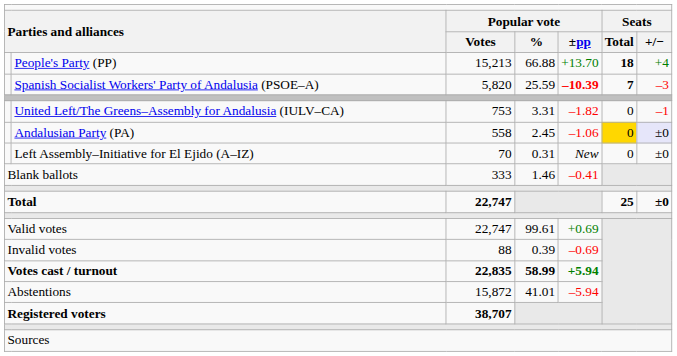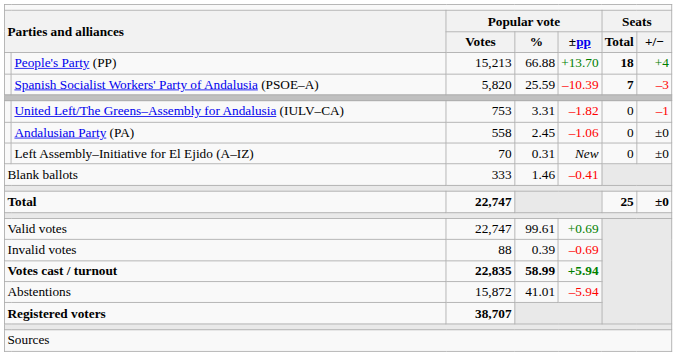 <table class="wikitable" style="text-align:right;">
 <tr>
 <td colspan="7"></td>
 </tr>
 <tr>
 <th style="text-align:left;" rowspan="2" colspan="2" width="525">Parties and alliances</th>
 <th colspan="3">Popular vote</th>
 <th colspan="2">Seats</th>
 </tr>
 <tr>
 <th width="75">Votes</th>
 <th width="45">%</th>
 <th width="45">±<a href='#'>pp</a></th>
 <th width="35">Total</th>
 <th width="35">+/−</th>
 </tr>
 <tr>
 <td width="1" style="color:inherit;background:"></td>
 <td align="left"><a href='#'>People's Party</a> (PP)</td>
 <td>15,213</td>
 <td>66.88</td>
 <td style="color:green;">+13.70</td>
 <td><strong>18</strong></td>
 <td style="color:green;">+4</td>
 </tr>
 <tr>
 <td style="color:inherit;background:"></td>
 <td align="left"><a href='#'>Spanish Socialist Workers' Party of Andalusia</a> (PSOE–A)</td>
 <td>5,820</td>
 <td>25.59</td>
-<td style="color:red;"><strong>–10.39</strong></td>
+<td style="color:red;">–10.39</td>
 <td><strong>7</strong></td>
 <td style="color:red;">–3</td>
 </tr>
 <tr>
 <td colspan="7" bgcolor="#C0C0C0"></td>
 </tr>
 <tr>
 <td style="color:inherit;background:"></td>
 <td align="left"><a href='#'>United Left/The Greens–Assembly for Andalusia</a> (IULV–CA)</td>
 <td>753</td>
 <td>3.31</td>
 <td style="color:red;">–1.82</td>
 <td>0</td>
 <td style="color:red;">–1</td>
 </tr>
 <tr>
 <td style="color:inherit;background:"></td>
 <td align="left"><a href='#'>Andalusian Party</a> (PA)</td>
 <td>558</td>
 <td>2.45</td>
 <td style="color:red;">–1.06</td>
-<td style="background: gold;">0</td>
-<td style="background: lavender;">±0</td>
+<td>0</td>
+<td>±0</td>
 </tr>
 <tr>
 <td style="color:inherit;background:"></td>
 <td align="left">Left Assembly–Initiative for El Ejido (A–IZ)</td>
 <td>70</td>
 <td>0.31</td>
 <td><em>New</em></td>
 <td>0</td>
 <td>±0</td>
 </tr>
 <tr>
 <td align="left" colspan="2">Blank ballots</td>
 <td>333</td>
 <td>1.46</td>
 <td style="color:red;">–0.41</td>
 <td bgcolor="#E9E9E9" colspan="2"></td>
 </tr>
 <tr>
 <td colspan="7" bgcolor="#E9E9E9"></td>
 </tr>
 <tr style="font-weight:bold;">
 <td align="left" colspan="2">Total</td>
 <td>22,747</td>
 <td bgcolor="#E9E9E9" colspan="2"></td>
 <td>25</td>
 <td>±0</td>
 </tr>
 <tr>
 <td colspan="7" bgcolor="#E9E9E9"></td>
 </tr>
 <tr>
 <td align="left" colspan="2">Valid votes</td>
 <td>22,747</td>
 <td>99.61</td>
 <td style="color:green;">+0.69</td>
 <td bgcolor="#E9E9E9" colspan="2" rowspan="5"></td>
 </tr>
 <tr>
 <td align="left" colspan="2">Invalid votes</td>
 <td>88</td>
 <td>0.39</td>
 <td style="color:red;">–0.69</td>
 </tr>
 <tr style="font-weight:bold;">
 <td align="left" colspan="2">Votes cast / turnout</td>
 <td>22,835</td>
 <td>58.99</td>
 <td style="color:green;">+5.94</td>
 </tr>
 <tr>
 <td align="left" colspan="2">Abstentions</td>
 <td>15,872</td>
 <td>41.01</td>
 <td style="color:red;">–5.94</td>
 </tr>
 <tr style="font-weight:bold;">
 <td align="left" colspan="2">Registered voters</td>
 <td>38,707</td>
 <td bgcolor="#E9E9E9" colspan="2"></td>
 </tr>
 <tr>
 <td colspan="7" bgcolor="#E9E9E9"></td>
 </tr>
 <tr>
 <td align="left" colspan="7">Sources</td>
 </tr>
 </table>
